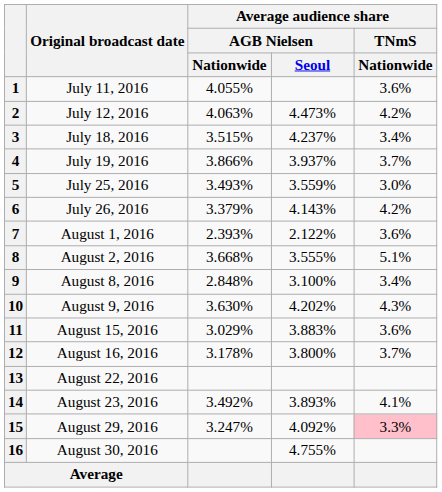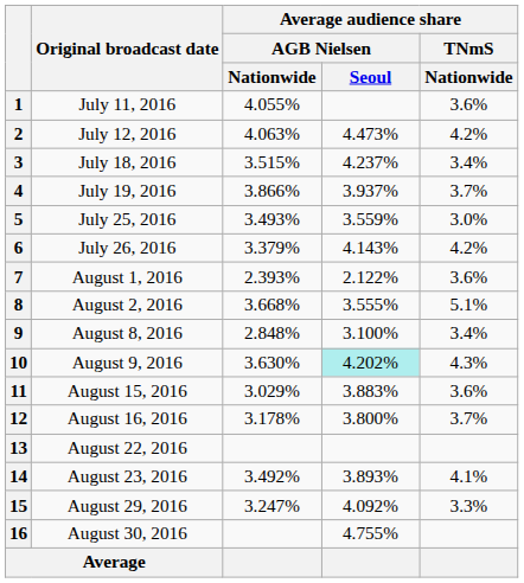 <table class="wikitable" style="text-align:center">
 <tr>
 <th rowspan="3"></th>
 <th rowspan="3">Original broadcast date</th>
 <th colspan="3">Average audience share</th>
 </tr>
 <tr>
 <th colspan="2">AGB Nielsen</th>
 <th>TNmS</th>
 </tr>
 <tr>
 <th width="80">Nationwide</th>
 <th width="80"><a href='#'>Seoul</a></th>
 <th width="80">Nationwide</th>
 </tr>
 <tr>
 <th>1</th>
 <td>July 11, 2016</td>
 <td>4.055%</td>
 <td></td>
 <td>3.6%</td>
 </tr>
 <tr>
 <th>2</th>
 <td>July 12, 2016</td>
 <td>4.063%</td>
 <td>4.473%</td>
 <td>4.2%</td>
 </tr>
 <tr>
 <th>3</th>
 <td>July 18, 2016</td>
 <td>3.515%</td>
 <td>4.237%</td>
 <td>3.4%</td>
 </tr>
 <tr>
 <th>4</th>
 <td>July 19, 2016</td>
 <td>3.866%</td>
 <td>3.937%</td>
 <td>3.7%</td>
 </tr>
 <tr>
 <th>5</th>
 <td>July 25, 2016</td>
 <td>3.493%</td>
 <td>3.559%</td>
 <td>3.0%</td>
 </tr>
 <tr>
 <th>6</th>
 <td>July 26, 2016</td>
 <td>3.379%</td>
 <td>4.143%</td>
 <td>4.2%</td>
 </tr>
 <tr>
 <th>7</th>
 <td>August 1, 2016</td>
 <td>2.393%</td>
 <td>2.122%</td>
 <td>3.6%</td>
 </tr>
 <tr>
 <th>8</th>
 <td>August 2, 2016</td>
 <td>3.668%</td>
 <td>3.555%</td>
 <td>5.1%</td>
 </tr>
 <tr>
 <th>9</th>
 <td>August 8, 2016</td>
 <td>2.848%</td>
 <td>3.100%</td>
 <td>3.4%</td>
 </tr>
 <tr>
 <th>10</th>
 <td>August 9, 2016</td>
 <td>3.630%</td>
-<td>4.202%</td>
+<td style="background: paleturquoise;">4.202%</td>
 <td>4.3%</td>
 </tr>
 <tr>
 <th>11</th>
 <td>August 15, 2016</td>
 <td>3.029%</td>
 <td>3.883%</td>
 <td>3.6%</td>
 </tr>
 <tr>
 <th>12</th>
 <td>August 16, 2016</td>
 <td>3.178%</td>
 <td>3.800%</td>
 <td>3.7%</td>
 </tr>
 <tr>
 <th>13</th>
 <td>August 22, 2016</td>
 <td></td>
 <td></td>
 <td></td>
 </tr>
 <tr>
 <th>14</th>
 <td>August 23, 2016</td>
 <td>3.492%</td>
 <td>3.893%</td>
 <td>4.1%</td>
 </tr>
 <tr>
 <th>15</th>
 <td>August 29, 2016</td>
 <td>3.247%</td>
 <td>4.092%</td>
-<td style="background: pink;">3.3%</td>
+<td>3.3%</td>
 </tr>
 <tr>
 <th>16</th>
 <td>August 30, 2016</td>
 <td></td>
 <td>4.755%</td>
 <td></td>
 </tr>
 <tr>
 <th colspan="2">Average</th>
 <th></th>
 <th></th>
 <th></th>
 </tr>
 </table>
